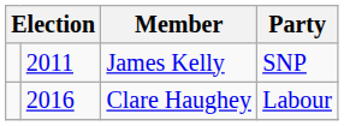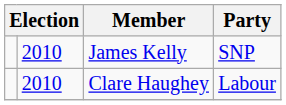 <table class="wikitable">
 <tr>
 <th colspan="2">Election</th>
 <th>Member</th>
 <th>Party</th>
 </tr>
 <tr>
 <td style="background-color: "></td>
-<td><a href='#'>2011</a></td>
+<td><a href='#'>2010</a></td>
 <td><a href='#'>James Kelly</a></td>
 <td><a href='#'>SNP</a></td>
 </tr>
 <tr>
 <td style="background-color: "></td>
-<td><a href='#'>2016</a></td>
+<td><a href='#'>2010</a></td>
 <td><a href='#'>Clare Haughey</a></td>
 <td><a href='#'>Labour</a></td>
 </tr>
 <tr>
 </tr>
 </table>
